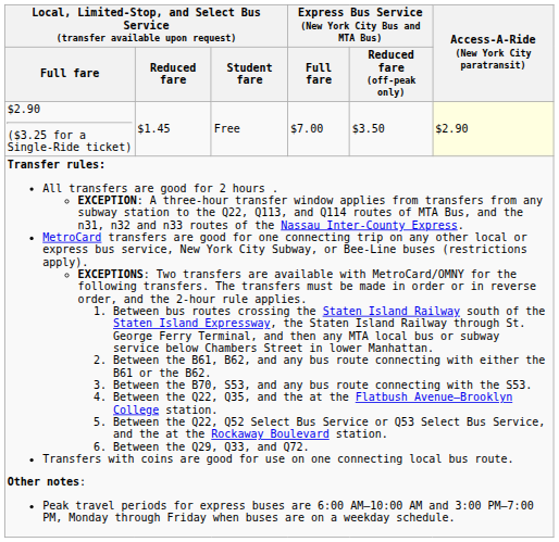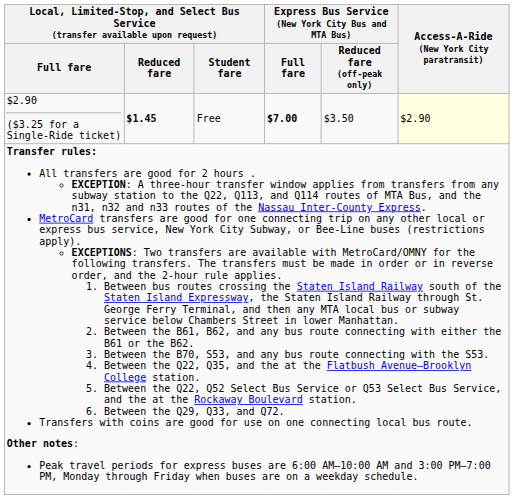 <table class="wikitable" style="font-size: 95%;margin: 1em auto" |>
 <tr>
 <th colspan="3">Local, Limited-Stop, and Select Bus Service<br><small>(transfer available upon request)</small></th>
 <th colspan=2>Express Bus Service<br><small>(New York City Bus and MTA Bus)</small></th>
 <th rowspan=2>Access-A-Ride<br><small>(New York City paratransit)</small></th>
 </tr>
 <tr>
 <th>Full fare</th>
 <th>Reduced fare</th>
 <th>Student fare</th>
 <th>Full fare</th>
 <th>Reduced fare<br><small>(off-peak only)</small></th>
 </tr>
 <tr>
 <td>$2.90<hr>($3.25 for a Single-Ride ticket)</td>
-<td>$1.45</td>
+<td><strong>$1.45</strong></td>
 <td>Free</td>
-<td>$7.00</td>
+<td><strong>$7.00</strong></td>
 <td>$3.50</td>
 <td style="background: lightyellow;">$2.90</td>
 </tr>
 <tr>
 <td colspan="6"><strong>Transfer rules:</strong><br><ul><li>All transfers are good for 2 hours .<ul><li><strong>EXCEPTION</strong>: A three-hour transfer window applies from transfers from any subway station to the Q22, Q113, and Q114 routes of MTA Bus, and the n31, n32 and n33 routes of the <a href='#'>Nassau Inter-County Express</a>.</li></ul></li><li><a href='#'>MetroCard</a> transfers are good for one connecting trip on any other local or express bus service, New York City Subway, or Bee-Line buses (restrictions apply).<ul><li><strong>EXCEPTIONS</strong>: Two transfers are available with MetroCard/OMNY for the following transfers. The transfers must be made in order or in reverse order, and the 2-hour rule applies.<ol><li>Between bus routes crossing the <a href='#'>Staten Island Railway</a> south of the <a href='#'>Staten Island Expressway</a>, the Staten Island Railway through St. George Ferry Terminal, and then any MTA local bus or subway service below Chambers Street in lower Manhattan.</li><li>Between the B61, B62, and any bus route connecting with either the B61 or the B62.</li><li>Between the B70, S53, and any bus route connecting with the S53.</li><li>Between the Q22, Q35, and the  at the <a href='#'>Flatbush Avenue–Brooklyn College</a> station.</li><li>Between the Q22, Q52 Select Bus Service or Q53 Select Bus Service, and the  at the <a href='#'>Rockaway Boulevard</a> station.</li><li>Between the Q29, Q33, and Q72.</li></ol></li></ul></li><li>Transfers with coins are good for use on one connecting local bus route.</li></ul><strong>Other notes</strong>:<ul><li>Peak travel periods for express buses are 6:00 AM–10:00 AM and 3:00 PM–7:00 PM, Monday through Friday when buses are on a weekday schedule.</li></ul></td>
 </tr>
 </table>
